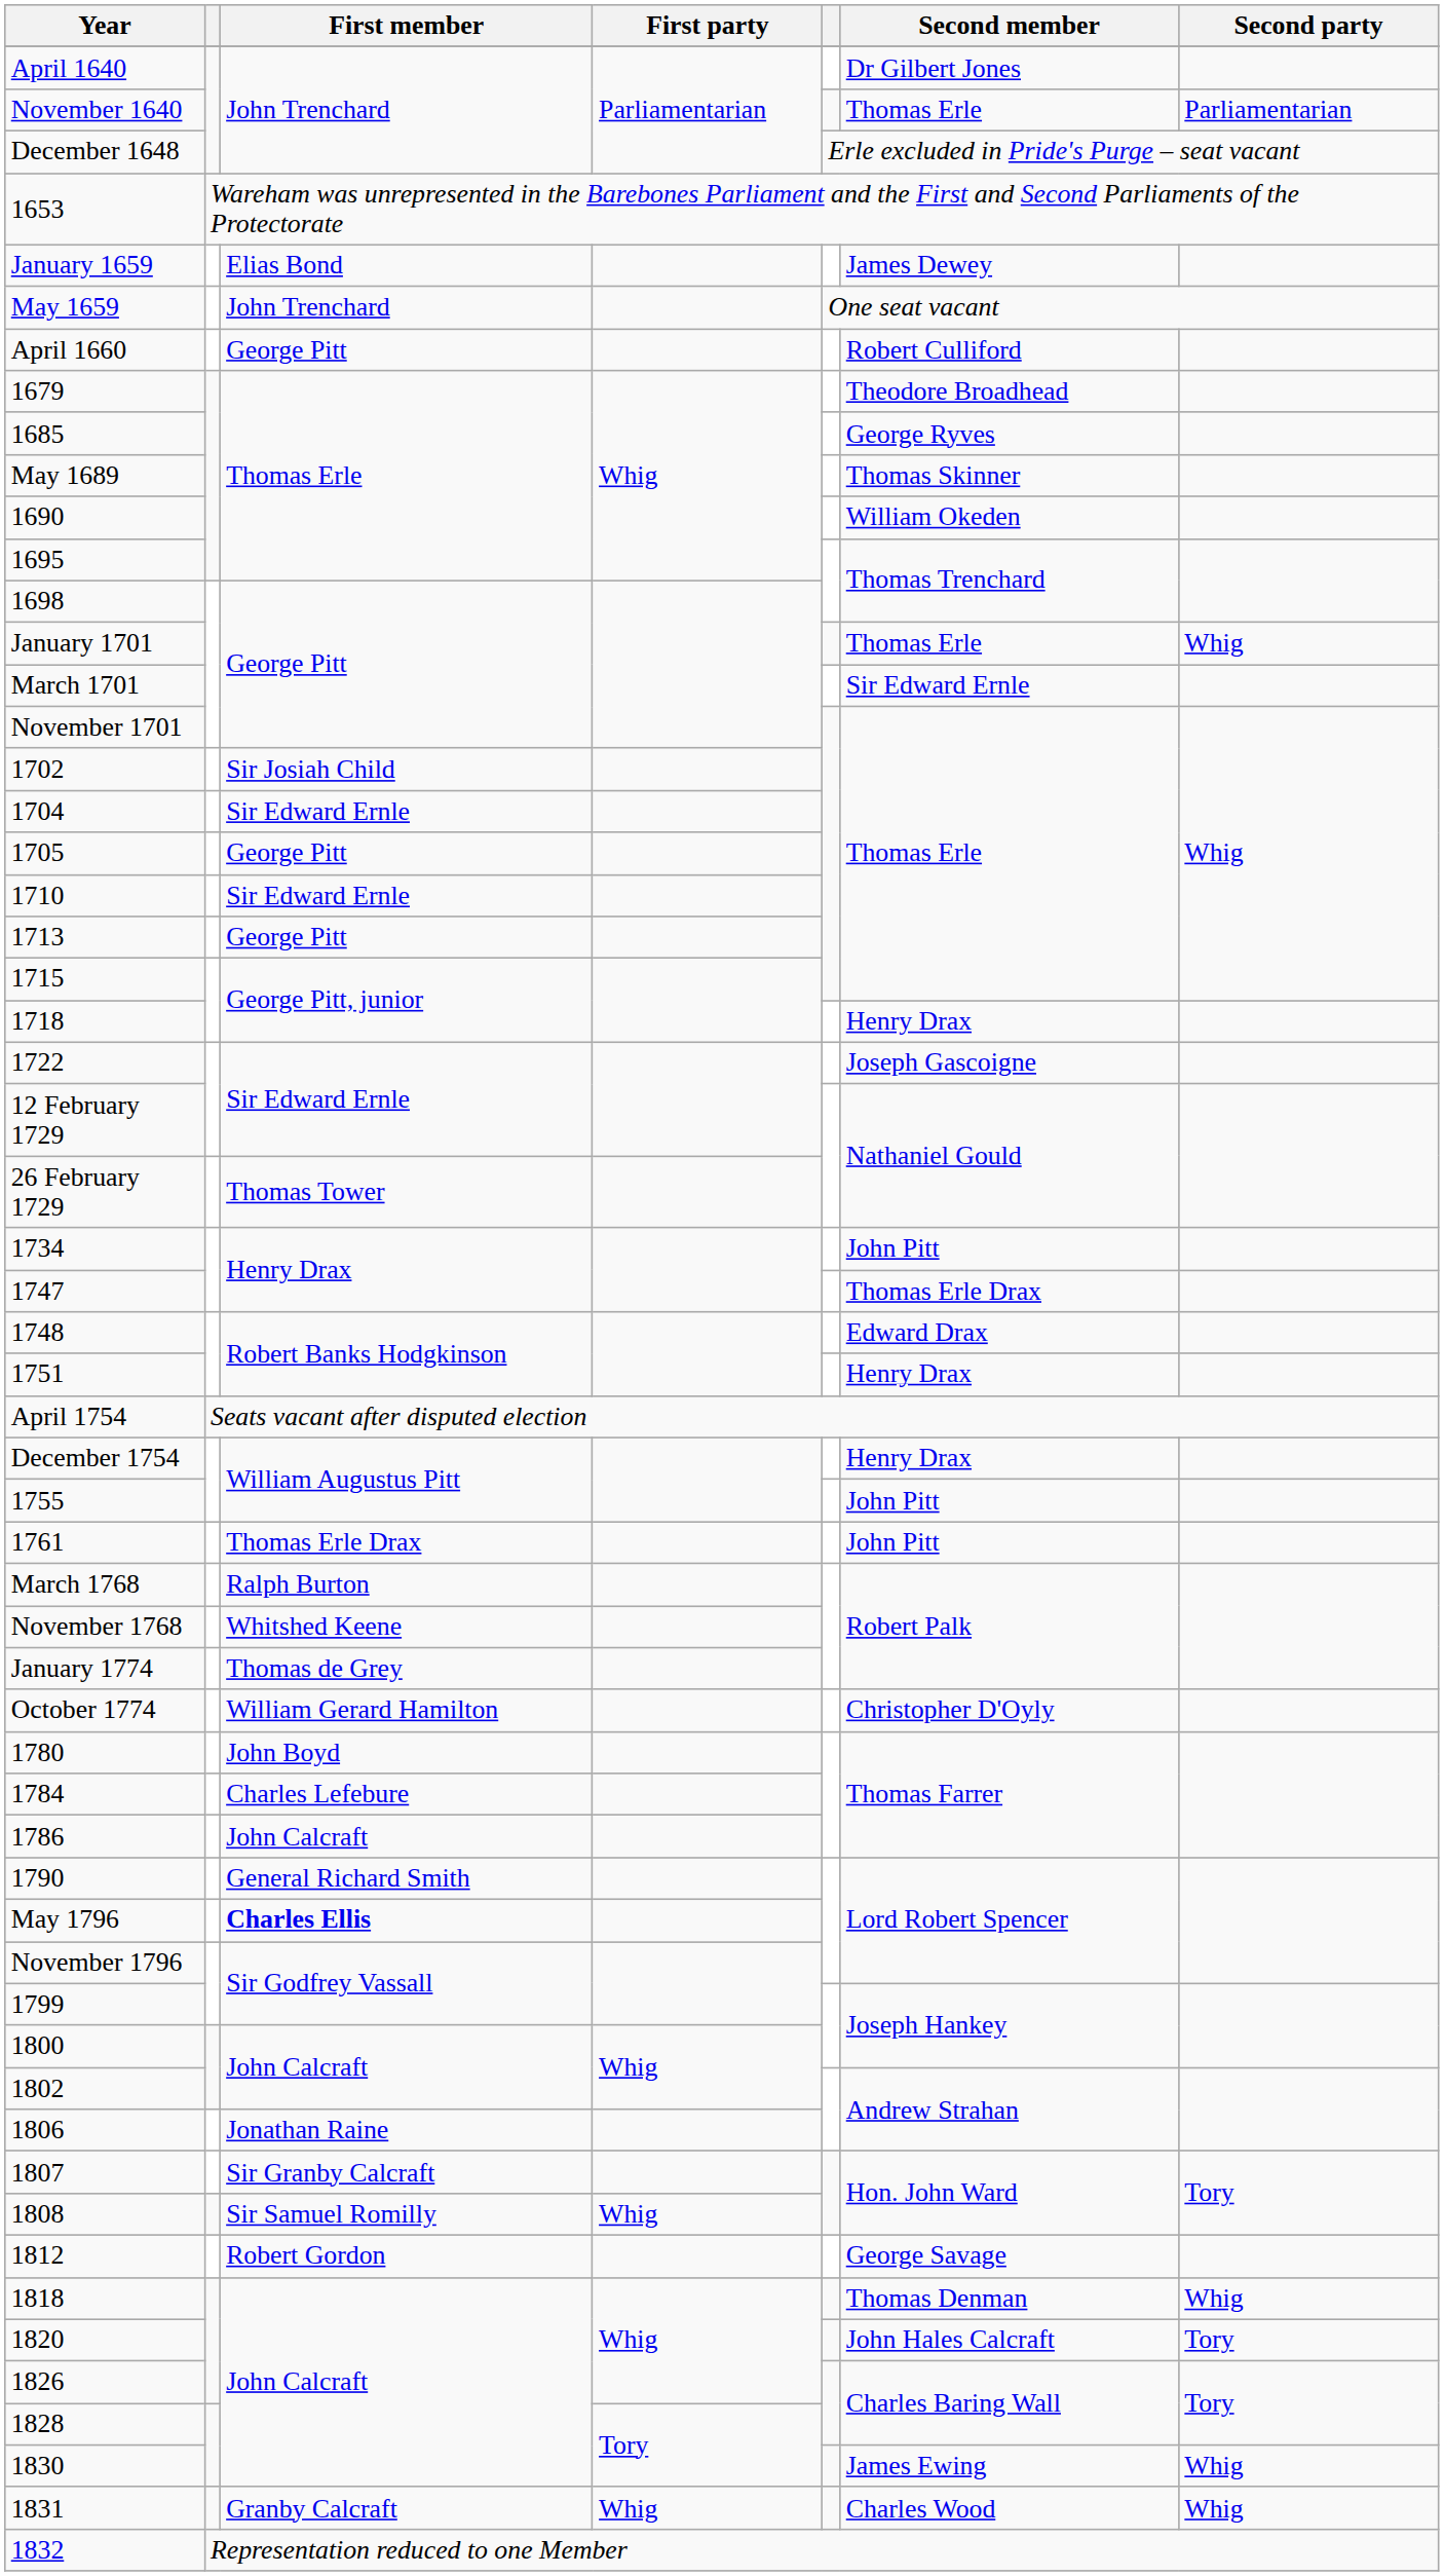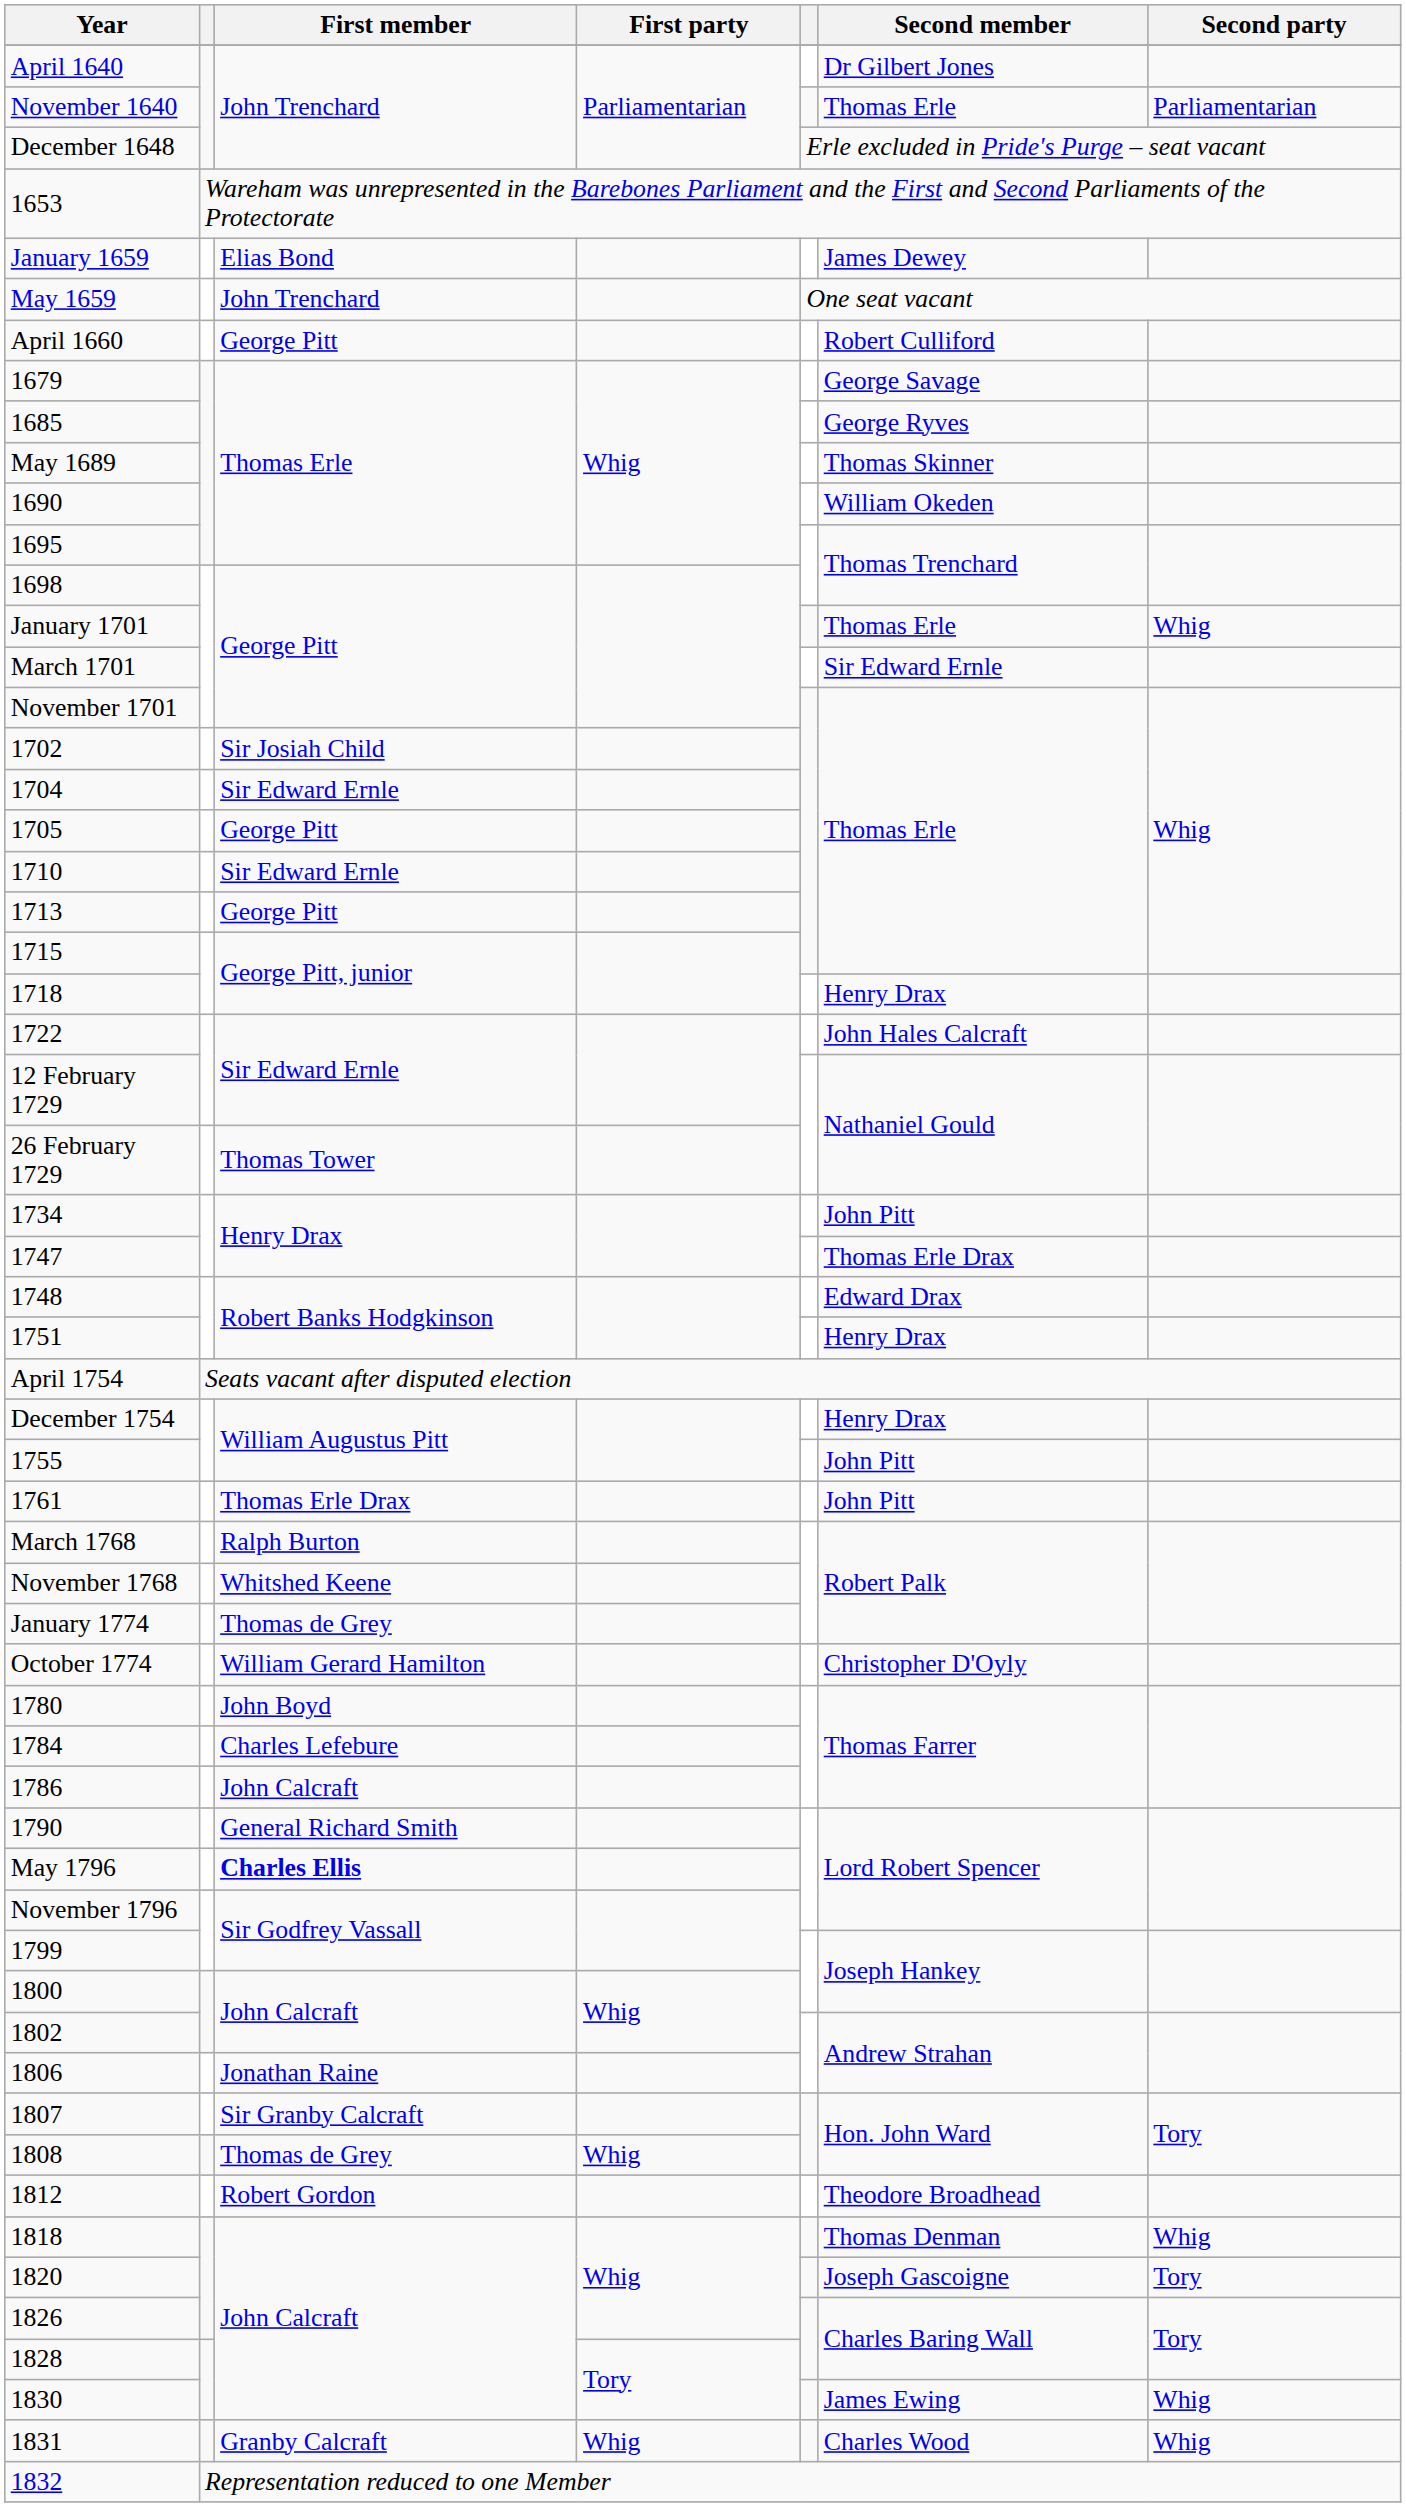 <table class="wikitable">
 <tr>
 <th>Year</th>
 <th></th>
 <th>First member</th>
 <th>First party</th>
 <th></th>
 <th>Second member</th>
 <th>Second party</th>
 </tr>
 <tr>
 </tr>
 <tr>
 <td><a href='#'>April 1640</a></td>
 <td rowspan="3" style="color:inherit;background-color: "></td>
 <td rowspan="3"><a href='#'>John Trenchard</a></td>
 <td rowspan="3"><a href='#'>Parliamentarian</a></td>
 <td style="color:inherit;background-color: white"></td>
 <td><a href='#'>Dr Gilbert Jones</a></td>
 <td></td>
 </tr>
 <tr>
 <td><a href='#'>November 1640</a></td>
 <td style="color:inherit;background-color: "></td>
 <td><a href='#'>Thomas Erle</a></td>
 <td><a href='#'>Parliamentarian</a></td>
 </tr>
 <tr>
 <td>December 1648</td>
 <td colspan="3"><em>Erle excluded in <a href='#'>Pride's Purge</a> – seat vacant</em></td>
 </tr>
 <tr>
 <td>1653</td>
 <td colspan="6"><em>Wareham was unrepresented in the <a href='#'>Barebones Parliament</a> and the <a href='#'>First</a> and <a href='#'>Second</a> Parliaments of the Protectorate</em></td>
 </tr>
 <tr>
 <td><a href='#'>January 1659</a></td>
 <td style="color:inherit;background-color: white"></td>
 <td><a href='#'>Elias Bond</a></td>
 <td></td>
 <td style="color:inherit;background-color: white"></td>
 <td><a href='#'>James Dewey</a></td>
 <td></td>
 </tr>
 <tr>
 <td><a href='#'>May 1659</a></td>
 <td style="color:inherit;background-color: white"></td>
 <td><a href='#'>John Trenchard</a></td>
 <td></td>
 <td colspan="3"><em>One seat vacant</em></td>
 </tr>
 <tr>
 <td>April 1660</td>
 <td style="color:inherit;background-color: white"></td>
 <td><a href='#'>George Pitt</a></td>
 <td></td>
 <td style="color:inherit;background-color: white"></td>
 <td><a href='#'>Robert Culliford</a></td>
 <td></td>
 </tr>
 <tr>
 <td>1679</td>
 <td rowspan="5" style="color:inherit;background-color: "></td>
 <td rowspan="5"><a href='#'>Thomas Erle</a></td>
 <td rowspan="5"><a href='#'>Whig</a></td>
 <td style="color:inherit;background-color: white"></td>
-<td><a href='#'>Theodore Broadhead</a></td>
+<td><a href='#'>George Savage</a></td>
 <td></td>
 </tr>
 <tr>
 <td>1685</td>
 <td style="color:inherit;background-color: white"></td>
 <td><a href='#'>George Ryves</a></td>
 <td></td>
 </tr>
 <tr>
 <td>May 1689</td>
 <td style="color:inherit;background-color: white"></td>
 <td><a href='#'>Thomas Skinner</a></td>
 <td></td>
 </tr>
 <tr>
 <td>1690</td>
 <td style="color:inherit;background-color: white"></td>
 <td><a href='#'>William Okeden</a></td>
 <td></td>
 </tr>
 <tr>
 <td>1695</td>
 <td rowspan="2" style="color:inherit;background-color: white"></td>
 <td rowspan="2"><a href='#'>Thomas Trenchard</a></td>
 <td rowspan="2"></td>
 </tr>
 <tr>
 <td>1698</td>
 <td rowspan="4" style="color:inherit;background-color: white"></td>
 <td rowspan="4"><a href='#'>George Pitt</a></td>
 <td rowspan="4"></td>
 </tr>
 <tr>
 <td>January 1701</td>
 <td style="color:inherit;background-color: "></td>
 <td><a href='#'>Thomas Erle</a></td>
 <td><a href='#'>Whig</a></td>
 </tr>
 <tr>
 <td>March 1701</td>
 <td style="color:inherit;background-color: white"></td>
 <td><a href='#'>Sir Edward Ernle</a></td>
 <td></td>
 </tr>
 <tr>
 <td>November 1701</td>
 <td rowspan="7" style="color:inherit;background-color: "></td>
 <td rowspan="7"><a href='#'>Thomas Erle</a></td>
 <td rowspan="7"><a href='#'>Whig</a></td>
 </tr>
 <tr>
 <td>1702</td>
 <td style="color:inherit;background-color: white"></td>
 <td><a href='#'>Sir Josiah Child</a></td>
 <td></td>
 </tr>
 <tr>
 <td>1704</td>
 <td style="color:inherit;background-color: white"></td>
 <td><a href='#'>Sir Edward Ernle</a></td>
 <td></td>
 </tr>
 <tr>
 <td>1705</td>
 <td style="color:inherit;background-color: white"></td>
 <td><a href='#'>George Pitt</a></td>
 <td></td>
 </tr>
 <tr>
 <td>1710</td>
 <td style="color:inherit;background-color: white"></td>
 <td><a href='#'>Sir Edward Ernle</a></td>
 <td></td>
 </tr>
 <tr>
 <td>1713</td>
 <td style="color:inherit;background-color: white"></td>
 <td><a href='#'>George Pitt</a></td>
 <td></td>
 </tr>
 <tr>
 <td>1715</td>
 <td rowspan="2" style="color:inherit;background-color: white"></td>
 <td rowspan="2"><a href='#'>George Pitt, junior</a></td>
 <td rowspan="2"></td>
 </tr>
 <tr>
 <td>1718</td>
 <td style="color:inherit;background-color: white"></td>
 <td><a href='#'>Henry Drax</a></td>
 <td></td>
 </tr>
 <tr>
 <td>1722</td>
 <td rowspan="2" style="color:inherit;background-color: white"></td>
 <td rowspan="2"><a href='#'>Sir Edward Ernle</a></td>
 <td rowspan="2"></td>
 <td style="color:inherit;background-color: white"></td>
-<td><a href='#'>Joseph Gascoigne</a></td>
+<td><a href='#'>John Hales Calcraft</a></td>
 <td></td>
 </tr>
 <tr>
 <td>12 February 1729</td>
 <td rowspan="2" style="color:inherit;background-color: white"></td>
 <td rowspan="2"><a href='#'>Nathaniel Gould</a></td>
 <td rowspan="2"></td>
 </tr>
 <tr>
 <td>26 February 1729</td>
 <td style="color:inherit;background-color: white"></td>
 <td><a href='#'>Thomas Tower</a></td>
 <td></td>
 </tr>
 <tr>
 <td>1734</td>
 <td rowspan="2"  style="color:inherit;background-color: white"></td>
 <td rowspan="2"><a href='#'>Henry Drax</a></td>
 <td rowspan="2"></td>
 <td style="color:inherit;background-color: white"></td>
 <td><a href='#'>John Pitt</a></td>
 <td></td>
 </tr>
 <tr>
 <td>1747</td>
 <td style="color:inherit;background-color: white"></td>
 <td><a href='#'>Thomas Erle Drax</a></td>
 <td></td>
 </tr>
 <tr>
 <td>1748</td>
 <td rowspan="2" style="color:inherit;background-color: white"></td>
 <td rowspan="2"><a href='#'>Robert Banks Hodgkinson</a></td>
 <td rowspan="2"></td>
 <td style="color:inherit;background-color: white"></td>
 <td><a href='#'>Edward Drax</a></td>
 <td></td>
 </tr>
 <tr>
 <td>1751</td>
 <td style="color:inherit;background-color: white"></td>
 <td><a href='#'>Henry Drax</a></td>
 <td></td>
 </tr>
 <tr>
 <td>April 1754</td>
 <td colspan="6"><em>Seats vacant after disputed election</em></td>
 </tr>
 <tr>
 <td>December 1754</td>
 <td rowspan="2" style="color:inherit;background-color: white"></td>
 <td rowspan="2"><a href='#'>William Augustus Pitt</a></td>
 <td rowspan="2"></td>
 <td style="color:inherit;background-color: white"></td>
 <td><a href='#'>Henry Drax</a></td>
 <td></td>
 </tr>
 <tr>
 <td>1755</td>
 <td style="color:inherit;background-color: white"></td>
 <td><a href='#'>John Pitt</a></td>
 <td></td>
 </tr>
 <tr>
 <td>1761</td>
 <td style="color:inherit;background-color: white"></td>
 <td><a href='#'>Thomas Erle Drax</a></td>
 <td></td>
 <td style="color:inherit;background-color: white"></td>
 <td><a href='#'>John Pitt</a></td>
 <td></td>
 </tr>
 <tr>
 <td>March 1768</td>
 <td style="color:inherit;background-color: white"></td>
 <td><a href='#'>Ralph Burton</a></td>
 <td></td>
 <td rowspan="3" style="color:inherit;background-color: white"></td>
 <td rowspan="3"><a href='#'>Robert Palk</a></td>
 <td rowspan="3"></td>
 </tr>
 <tr>
 <td>November 1768</td>
 <td style="color:inherit;background-color: white"></td>
 <td><a href='#'>Whitshed Keene</a></td>
 <td></td>
 </tr>
 <tr>
 <td>January 1774</td>
 <td style="color:inherit;background-color: white"></td>
 <td><a href='#'>Thomas de Grey</a></td>
 <td></td>
 </tr>
 <tr>
 <td>October 1774</td>
 <td style="color:inherit;background-color: white"></td>
 <td><a href='#'>William Gerard Hamilton</a></td>
 <td></td>
 <td style="color:inherit;background-color: white"></td>
 <td><a href='#'>Christopher D'Oyly</a></td>
 <td></td>
 </tr>
 <tr>
 <td>1780</td>
 <td style="color:inherit;background-color: white"></td>
 <td><a href='#'>John Boyd</a></td>
 <td></td>
 <td rowspan="3" style="color:inherit;background-color: white"></td>
 <td rowspan="3"><a href='#'>Thomas Farrer</a></td>
 <td rowspan="3"></td>
 </tr>
 <tr>
 <td>1784</td>
 <td style="color:inherit;background-color: white"></td>
 <td><a href='#'>Charles Lefebure</a></td>
 <td></td>
 </tr>
 <tr>
 <td>1786</td>
 <td style="color:inherit;background-color: white"></td>
 <td><a href='#'>John Calcraft</a></td>
 <td></td>
 </tr>
 <tr>
 <td>1790</td>
 <td style="color:inherit;background-color: white"></td>
 <td><a href='#'>General Richard Smith</a></td>
 <td></td>
 <td rowspan="3" style="color:inherit;background-color: white"></td>
 <td rowspan="3"><a href='#'>Lord Robert Spencer</a></td>
 <td rowspan="3"></td>
 </tr>
 <tr>
 <td>May 1796</td>
 <td style="color:inherit;background-color: white"></td>
 <td><strong><a href='#'>Charles Ellis</a></strong></td>
 <td></td>
 </tr>
 <tr>
 <td>November 1796</td>
 <td rowspan="2" style="color:inherit;background-color: white"></td>
 <td rowspan="2"><a href='#'>Sir Godfrey Vassall</a></td>
 <td rowspan="2"></td>
 </tr>
 <tr>
 <td>1799</td>
 <td rowspan="2" style="color:inherit;background-color: white"></td>
 <td rowspan="2"><a href='#'>Joseph Hankey</a></td>
 <td rowspan="2"></td>
 </tr>
 <tr>
 <td>1800</td>
 <td rowspan="2" style="color:inherit;background-color: "></td>
 <td rowspan="2"><a href='#'>John Calcraft</a></td>
 <td rowspan="2"><a href='#'>Whig</a></td>
 </tr>
 <tr>
 <td>1802</td>
 <td rowspan="2" style="color:inherit;background-color: white"></td>
 <td rowspan="2"><a href='#'>Andrew Strahan</a></td>
 <td rowspan="2"></td>
 </tr>
 <tr>
 <td>1806</td>
 <td style="color:inherit;background-color: white"></td>
 <td><a href='#'>Jonathan Raine</a></td>
 <td></td>
 </tr>
 <tr>
 <td>1807</td>
 <td style="color:inherit;background-color: white"></td>
 <td><a href='#'>Sir Granby Calcraft</a></td>
 <td></td>
 <td rowspan="2" style="color:inherit;background-color: "></td>
 <td rowspan="2"><a href='#'>Hon. John Ward</a></td>
 <td rowspan="2"><a href='#'>Tory</a></td>
 </tr>
 <tr>
 <td>1808</td>
 <td style="color:inherit;background-color: "></td>
-<td><a href='#'>Sir Samuel Romilly</a></td>
+<td><a href='#'>Thomas de Grey</a></td>
 <td><a href='#'>Whig</a></td>
 </tr>
 <tr>
 <td>1812</td>
 <td style="color:inherit;background-color: white"></td>
 <td><a href='#'>Robert Gordon</a></td>
 <td></td>
 <td style="color:inherit;background-color: white"></td>
-<td><a href='#'>George Savage</a></td>
+<td><a href='#'>Theodore Broadhead</a></td>
 <td></td>
 </tr>
 <tr>
 <td>1818</td>
 <td rowspan="3" style="color:inherit;background-color: "></td>
 <td rowspan="5"><a href='#'>John Calcraft</a></td>
 <td rowspan="3"><a href='#'>Whig</a></td>
 <td style="color:inherit;background-color: "></td>
 <td><a href='#'>Thomas Denman</a></td>
 <td><a href='#'>Whig</a></td>
 </tr>
 <tr>
 <td>1820</td>
 <td style="color:inherit;background-color: "></td>
-<td><a href='#'>John Hales Calcraft</a></td>
+<td><a href='#'>Joseph Gascoigne</a></td>
 <td><a href='#'>Tory</a></td>
 </tr>
 <tr>
 <td>1826</td>
 <td rowspan="2" style="color:inherit;background-color: "></td>
 <td rowspan="2"><a href='#'>Charles Baring Wall</a></td>
 <td rowspan="2"><a href='#'>Tory</a></td>
 </tr>
 <tr>
 <td>1828</td>
 <td rowspan="2" style="color:inherit;background-color: "></td>
 <td rowspan="2"><a href='#'>Tory</a></td>
 </tr>
 <tr>
 <td>1830</td>
 <td style="color:inherit;background-color: "></td>
 <td><a href='#'>James Ewing</a></td>
 <td><a href='#'>Whig</a></td>
 </tr>
 <tr>
 <td>1831</td>
 <td style="color:inherit;background-color: "></td>
 <td><a href='#'>Granby Calcraft</a></td>
 <td><a href='#'>Whig</a></td>
 <td style="color:inherit;background-color: "></td>
 <td><a href='#'>Charles Wood</a></td>
 <td><a href='#'>Whig</a></td>
 </tr>
 <tr>
 <td><a href='#'>1832</a></td>
 <td colspan="6"><em>Representation reduced to one Member</em></td>
 </tr>
 </table>
